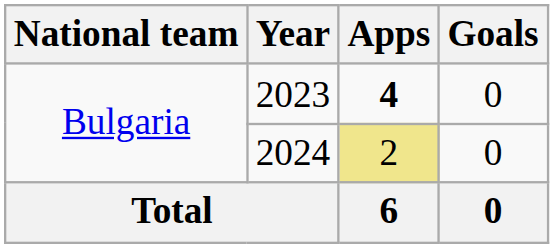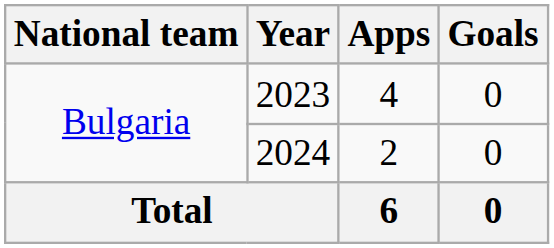 <table class="wikitable" style="text-align:center">
 <tr>
 <th>National team</th>
 <th>Year</th>
 <th>Apps</th>
 <th>Goals</th>
 </tr>
 <tr>
 <td rowspan="2"><a href='#'>Bulgaria</a></td>
 <td>2023</td>
-<td><strong>4</strong></td>
+<td>4</td>
 <td>0</td>
 </tr>
 <tr>
 <td>2024</td>
-<td style="background: khaki;">2</td>
+<td>2</td>
 <td>0</td>
 </tr>
 <tr>
 <th colspan="2">Total</th>
 <th>6</th>
 <th>0</th>
 </tr>
 </table>
